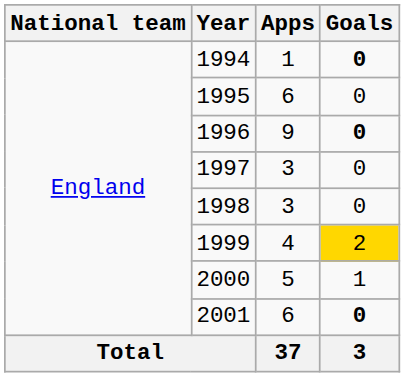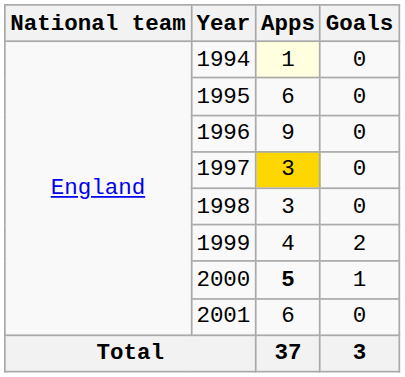 <table class="wikitable" style="text-align: center;">
 <tr>
 <th>National team</th>
 <th>Year</th>
 <th>Apps</th>
 <th>Goals</th>
 </tr>
 <tr>
 <td rowspan="8"><a href='#'>England</a></td>
 <td>1994</td>
-<td>1</td>
-<td><strong>0</strong></td>
+<td style="background: lightyellow;">1</td>
+<td>0</td>
 </tr>
 <tr>
 <td>1995</td>
 <td>6</td>
 <td>0</td>
 </tr>
 <tr>
 <td>1996</td>
 <td>9</td>
-<td><strong>0</strong></td>
+<td>0</td>
 </tr>
 <tr>
 <td>1997</td>
-<td>3</td>
+<td style="background: gold;">3</td>
 <td>0</td>
 </tr>
 <tr>
 <td>1998</td>
 <td>3</td>
 <td>0</td>
 </tr>
 <tr>
 <td>1999</td>
 <td>4</td>
-<td style="background: gold;">2</td>
+<td>2</td>
 </tr>
 <tr>
 <td>2000</td>
-<td>5</td>
+<td><strong>5</strong></td>
 <td>1</td>
 </tr>
 <tr>
 <td>2001</td>
 <td>6</td>
-<td><strong>0</strong></td>
+<td>0</td>
 </tr>
 <tr>
 <th colspan="2">Total</th>
 <th>37</th>
 <th>3</th>
 </tr>
 </table>
